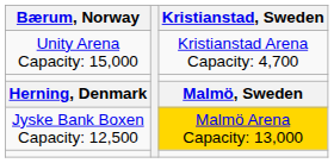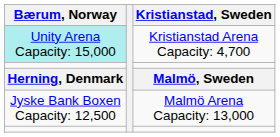 <table class="wikitable" style="text-align: center;">
 <tr>
 <th> <a href='#'>Bærum</a>, Norway</th>
 <th rowspan="6"></th>
 <th> <a href='#'>Kristianstad</a>, Sweden</th>
 </tr>
 <tr>
-<td><a href='#'>Unity Arena</a><br>Capacity: 15,000</td>
+<td style="background: paleturquoise;"><a href='#'>Unity Arena</a><br>Capacity: 15,000</td>
 <td><a href='#'>Kristianstad Arena</a><br>Capacity: 4,700</td>
 </tr>
 <tr>
 <td></td>
 <td></td>
 </tr>
 <tr>
 <th> <a href='#'>Herning</a>, Denmark</th>
 <th> <a href='#'>Malmö</a>, Sweden</th>
 </tr>
 <tr>
 <td><a href='#'>Jyske Bank Boxen</a><br>Capacity: 12,500</td>
-<td style="background: gold;"><a href='#'>Malmö Arena</a><br>Capacity: 13,000</td>
+<td><a href='#'>Malmö Arena</a><br>Capacity: 13,000</td>
 </tr>
 <tr>
 <td></td>
 <td></td>
 </tr>
 </table>
